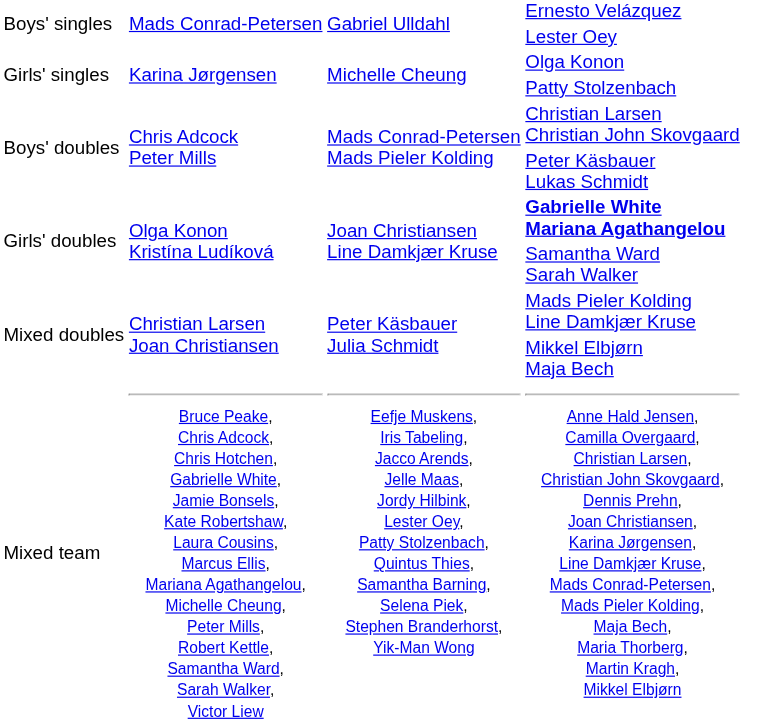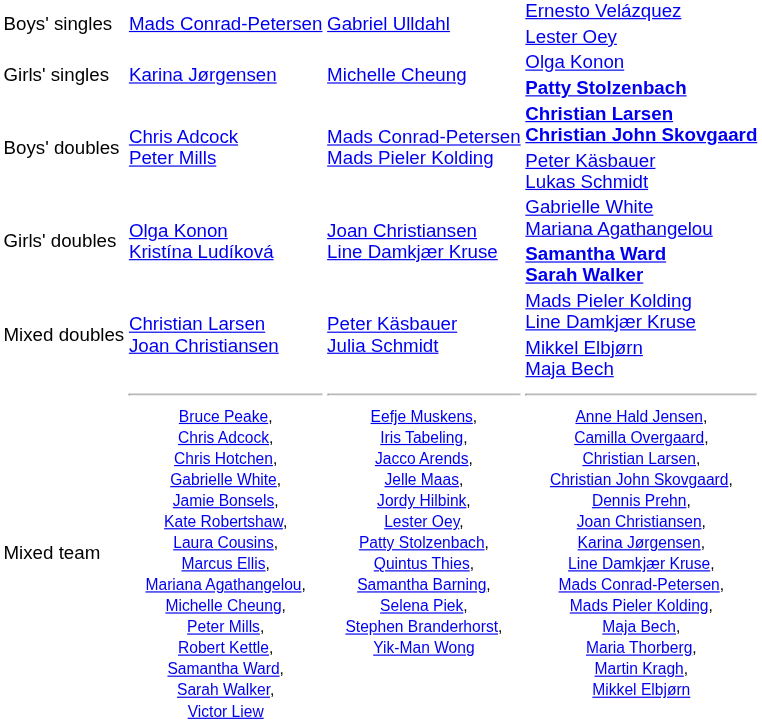 <table>
 <tr>
 <td rowspan="2">Boys' singles<br></td>
 <td rowspan="2"> <a href='#'>Mads Conrad-Petersen</a></td>
 <td rowspan="2"> <a href='#'>Gabriel Ulldahl</a></td>
 <td> <a href='#'>Ernesto Velázquez</a></td>
 </tr>
 <tr>
 <td> <a href='#'>Lester Oey</a></td>
 </tr>
 <tr>
 <td rowspan="2">Girls' singles<br></td>
 <td rowspan="2"> <a href='#'>Karina Jørgensen</a></td>
 <td rowspan="2"> <a href='#'>Michelle Cheung</a></td>
 <td> <a href='#'>Olga Konon</a></td>
 </tr>
 <tr>
-<td> <a href='#'>Patty Stolzenbach</a></td>
+<td><strong> <a href='#'>Patty Stolzenbach</a></strong></td>
 </tr>
 <tr>
 <td rowspan="2">Boys' doubles<br></td>
 <td rowspan="2"> <a href='#'>Chris Adcock</a><br> <a href='#'>Peter Mills</a></td>
 <td rowspan="2"> <a href='#'>Mads Conrad-Petersen</a><br> <a href='#'>Mads Pieler Kolding</a></td>
-<td> <a href='#'>Christian Larsen</a><br> <a href='#'>Christian John Skovgaard</a></td>
+<td><strong> <a href='#'>Christian Larsen</a><br> <a href='#'>Christian John Skovgaard</a></strong></td>
 </tr>
 <tr>
 <td> <a href='#'>Peter Käsbauer</a><br> <a href='#'>Lukas Schmidt</a></td>
 </tr>
 <tr>
 <td rowspan="2">Girls' doubles<br></td>
 <td rowspan="2"> <a href='#'>Olga Konon</a><br> <a href='#'>Kristína Ludíková</a></td>
 <td rowspan="2"> <a href='#'>Joan Christiansen</a><br> <a href='#'>Line Damkjær Kruse</a></td>
-<td><strong> <a href='#'>Gabrielle White</a><br> <a href='#'>Mariana Agathangelou</a></strong></td>
+<td> <a href='#'>Gabrielle White</a><br> <a href='#'>Mariana Agathangelou</a></td>
 </tr>
 <tr>
-<td> <a href='#'>Samantha Ward</a><br> <a href='#'>Sarah Walker</a></td>
+<td><strong> <a href='#'>Samantha Ward</a><br> <a href='#'>Sarah Walker</a></strong></td>
 </tr>
 <tr>
 <td rowspan="2">Mixed doubles<br></td>
 <td rowspan="2"> <a href='#'>Christian Larsen</a><br> <a href='#'>Joan Christiansen</a></td>
 <td rowspan="2"> <a href='#'>Peter Käsbauer</a><br> <a href='#'>Julia Schmidt</a></td>
 <td> <a href='#'>Mads Pieler Kolding</a><br> <a href='#'>Line Damkjær Kruse</a></td>
 </tr>
 <tr>
 <td> <a href='#'>Mikkel Elbjørn</a><br> <a href='#'>Maja Bech</a></td>
 </tr>
 <tr>
 <td>Mixed team<br></td>
 <td align="center" valign="top"><hr><small><a href='#'>Bruce Peake</a>,<br><a href='#'>Chris Adcock</a>,<br><a href='#'>Chris Hotchen</a>,<br><a href='#'>Gabrielle White</a>,<br><a href='#'>Jamie Bonsels</a>,<br><a href='#'>Kate Robertshaw</a>,<br><a href='#'>Laura Cousins</a>,<br><a href='#'>Marcus Ellis</a>,<br><a href='#'>Mariana Agathangelou</a>,<br><a href='#'>Michelle Cheung</a>,<br><a href='#'>Peter Mills</a>,<br><a href='#'>Robert Kettle</a>,<br><a href='#'>Samantha Ward</a>,<br><a href='#'>Sarah Walker</a>,<br><a href='#'>Victor Liew</a></small></td>
 <td align="center" valign="top"><hr><small><a href='#'>Eefje Muskens</a>,<br><a href='#'>Iris Tabeling</a>,<br><a href='#'>Jacco Arends</a>,<br><a href='#'>Jelle Maas</a>,<br><a href='#'>Jordy Hilbink</a>,<br><a href='#'>Lester Oey</a>,<br><a href='#'>Patty Stolzenbach</a>,<br><a href='#'>Quintus Thies</a>,<br><a href='#'>Samantha Barning</a>,<br><a href='#'>Selena Piek</a>,<br><a href='#'>Stephen Branderhorst</a>,<br><a href='#'>Yik-Man Wong</a></small></td>
 <td align="center" valign="top"><hr><small><a href='#'>Anne Hald Jensen</a>,<br><a href='#'>Camilla Overgaard</a>,<br><a href='#'>Christian Larsen</a>,<br><a href='#'>Christian John Skovgaard</a>,<br><a href='#'>Dennis Prehn</a>,<br><a href='#'>Joan Christiansen</a>,<br><a href='#'>Karina Jørgensen</a>,<br><a href='#'>Line Damkjær Kruse</a>,<br><a href='#'>Mads Conrad-Petersen</a>,<br><a href='#'>Mads Pieler Kolding</a>,<br><a href='#'>Maja Bech</a>,<br><a href='#'>Maria Thorberg</a>,<br><a href='#'>Martin Kragh</a>,<br><a href='#'>Mikkel Elbjørn</a></small></td>
 </tr>
 </table>
